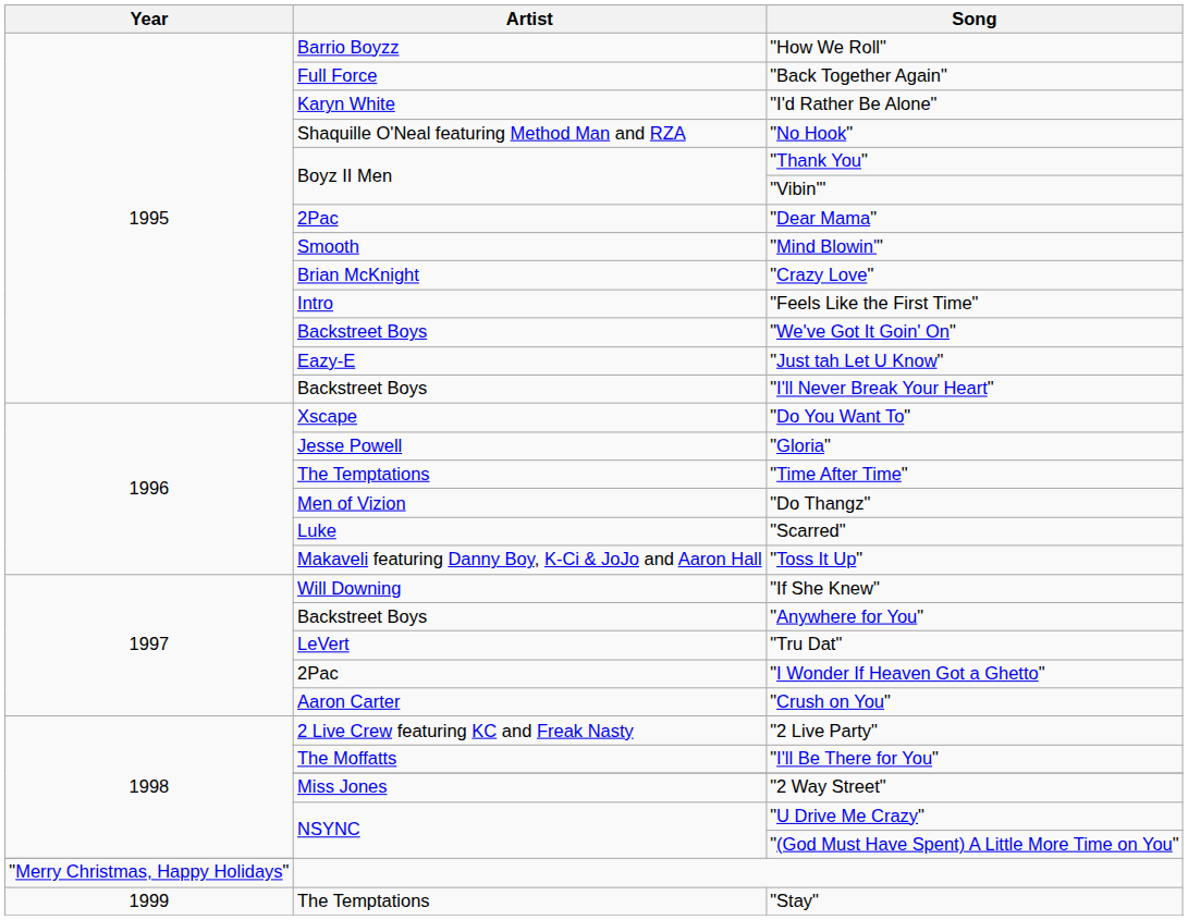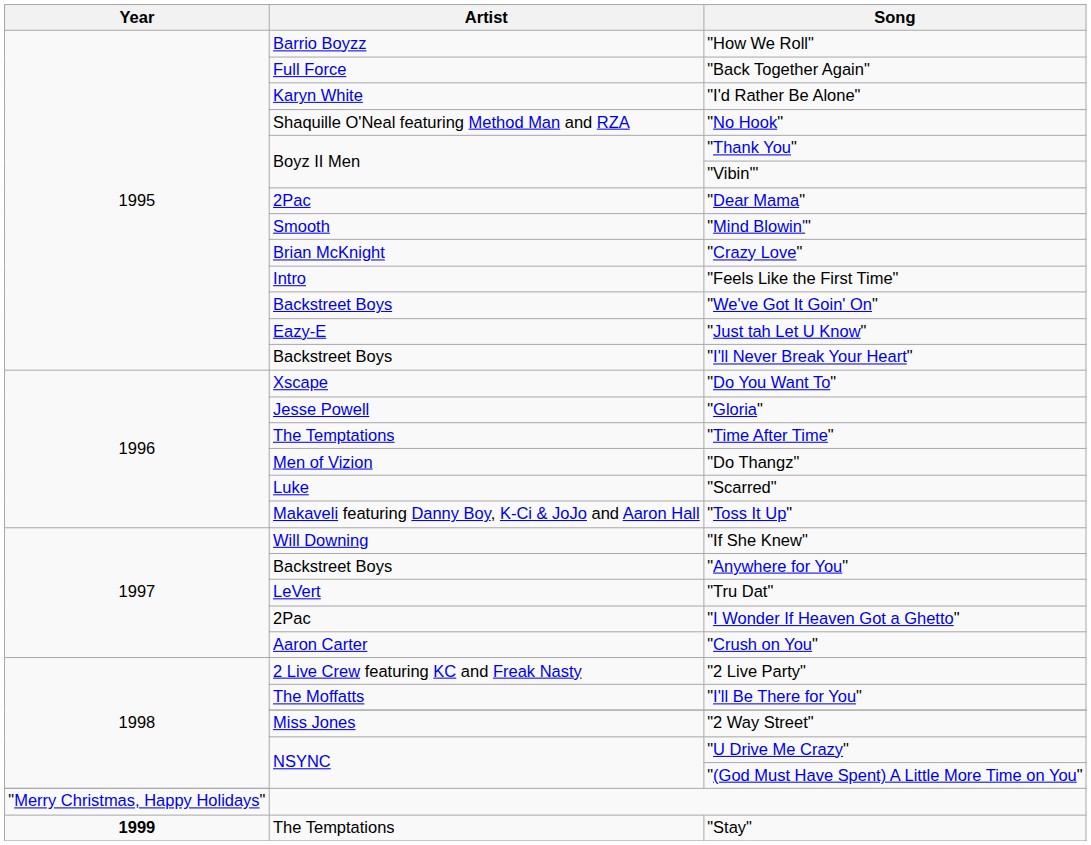 <table class="wikitable">
 <tr>
 <th>Year</th>
 <th>Artist</th>
 <th>Song</th>
 </tr>
 <tr>
 <td rowspan=13 align=center>1995</td>
 <td><a href='#'>Barrio Boyzz</a></td>
 <td>"How We Roll"</td>
 </tr>
 <tr>
 <td><a href='#'>Full Force</a></td>
 <td>"Back Together Again"</td>
 </tr>
 <tr>
 <td><a href='#'>Karyn White</a></td>
 <td>"I'd Rather Be Alone"</td>
 </tr>
 <tr>
 <td>Shaquille O'Neal featuring <a href='#'>Method Man</a> and <a href='#'>RZA</a></td>
 <td>"<a href='#'>No Hook</a>"</td>
 </tr>
 <tr>
 <td rowspan=2>Boyz II Men</td>
 <td>"<a href='#'>Thank You</a>"</td>
 </tr>
 <tr>
 <td>"Vibin'"</td>
 </tr>
 <tr>
 <td><a href='#'>2Pac</a></td>
 <td>"<a href='#'>Dear Mama</a>"</td>
 </tr>
 <tr>
 <td><a href='#'>Smooth</a></td>
 <td>"<a href='#'>Mind Blowin'</a>"</td>
 </tr>
 <tr>
 <td><a href='#'>Brian McKnight</a></td>
 <td>"<a href='#'>Crazy Love</a>"</td>
 </tr>
 <tr>
 <td><a href='#'>Intro</a></td>
 <td>"Feels Like the First Time"</td>
 </tr>
 <tr>
 <td><a href='#'>Backstreet Boys</a></td>
 <td>"<a href='#'>We've Got It Goin' On</a>"</td>
 </tr>
 <tr>
 <td><a href='#'>Eazy-E</a></td>
 <td>"<a href='#'>Just tah Let U Know</a>"</td>
 </tr>
 <tr>
 <td>Backstreet Boys</td>
 <td>"<a href='#'>I'll Never Break Your Heart</a>"</td>
 </tr>
 <tr>
 <td rowspan=6 align=center>1996</td>
 <td><a href='#'>Xscape</a></td>
 <td>"<a href='#'>Do You Want To</a>"</td>
 </tr>
 <tr>
 <td><a href='#'>Jesse Powell</a></td>
 <td>"<a href='#'>Gloria</a>"</td>
 </tr>
 <tr>
 <td><a href='#'>The Temptations</a></td>
 <td>"<a href='#'>Time After Time</a>"</td>
 </tr>
 <tr>
 <td><a href='#'>Men of Vizion</a></td>
 <td>"Do Thangz"</td>
 </tr>
 <tr>
 <td><a href='#'>Luke</a></td>
 <td>"Scarred"</td>
 </tr>
 <tr>
 <td><a href='#'>Makaveli</a> featuring <a href='#'>Danny Boy</a>, <a href='#'>K-Ci & JoJo</a> and <a href='#'>Aaron Hall</a></td>
 <td>"<a href='#'>Toss It Up</a>"</td>
 </tr>
 <tr>
 <td rowspan=5 align=center>1997<br></td>
 <td><a href='#'>Will Downing</a></td>
 <td>"If She Knew"</td>
 </tr>
 <tr>
 <td>Backstreet Boys</td>
 <td>"<a href='#'>Anywhere for You</a>"</td>
 </tr>
 <tr>
 <td><a href='#'>LeVert</a></td>
 <td>"Tru Dat"</td>
 </tr>
 <tr>
 <td>2Pac</td>
 <td>"<a href='#'>I Wonder If Heaven Got a Ghetto</a>"</td>
 </tr>
 <tr>
 <td><a href='#'>Aaron Carter</a></td>
 <td>"<a href='#'>Crush on You</a>"</td>
 </tr>
 <tr>
 <td rowspan=6 align=center>1998</td>
 <td><a href='#'>2 Live Crew</a> featuring <a href='#'>KC</a> and <a href='#'>Freak Nasty</a></td>
 <td>"2 Live Party"</td>
 </tr>
 <tr>
 <td><a href='#'>The Moffatts</a></td>
 <td>"<a href='#'>I'll Be There for You</a>"</td>
 </tr>
 <tr>
 </tr>
 <tr>
 <td><a href='#'>Miss Jones</a></td>
 <td>"2 Way Street"</td>
 </tr>
 <tr>
 <td rowspan=3><a href='#'>NSYNC</a></td>
 <td>"<a href='#'>U Drive Me Crazy</a>"</td>
 </tr>
 <tr>
 <td>"<a href='#'>(God Must Have Spent) A Little More Time on You</a>"</td>
 </tr>
 <tr>
 </tr>
 <tr>
 <td>"<a href='#'>Merry Christmas, Happy Holidays</a>"</td>
 </tr>
 <tr>
-<td align=center>1999</td>
+<td align=center><strong>1999</strong></td>
 <td>The Temptations</td>
 <td>"Stay"</td>
 </tr>
 </table>
